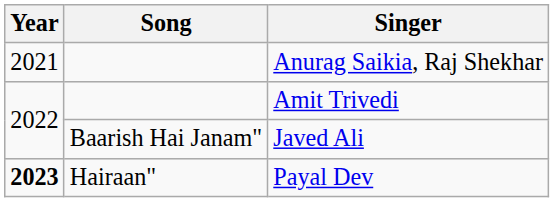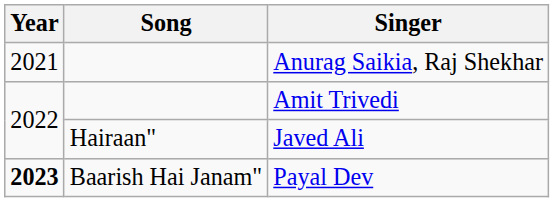 <table class="wikitable">
 <tr>
 <th>Year</th>
 <th>Song</th>
 <th>Singer</th>
 </tr>
 <tr>
 <td>2021</td>
 <td></td>
 <td><a href='#'>Anurag Saikia</a>, Raj Shekhar</td>
 </tr>
 <tr>
 <td rowspan="2">2022</td>
 <td></td>
 <td><a href='#'>Amit Trivedi</a></td>
 </tr>
 <tr>
-<td>Baarish Hai Janam"</td>
+<td>Hairaan"</td>
 <td><a href='#'>Javed Ali</a></td>
 </tr>
 <tr>
 <td><strong>2023</strong></td>
-<td>Hairaan"</td>
+<td>Baarish Hai Janam"</td>
 <td><a href='#'>Payal Dev</a></td>
 </tr>
 </table>
